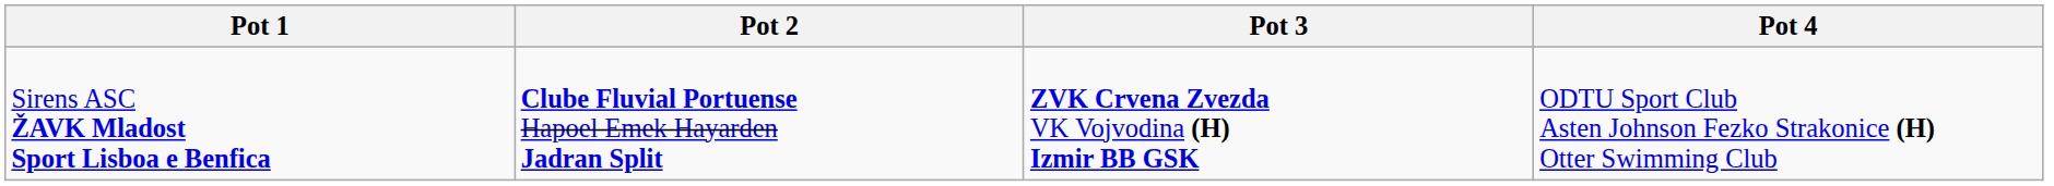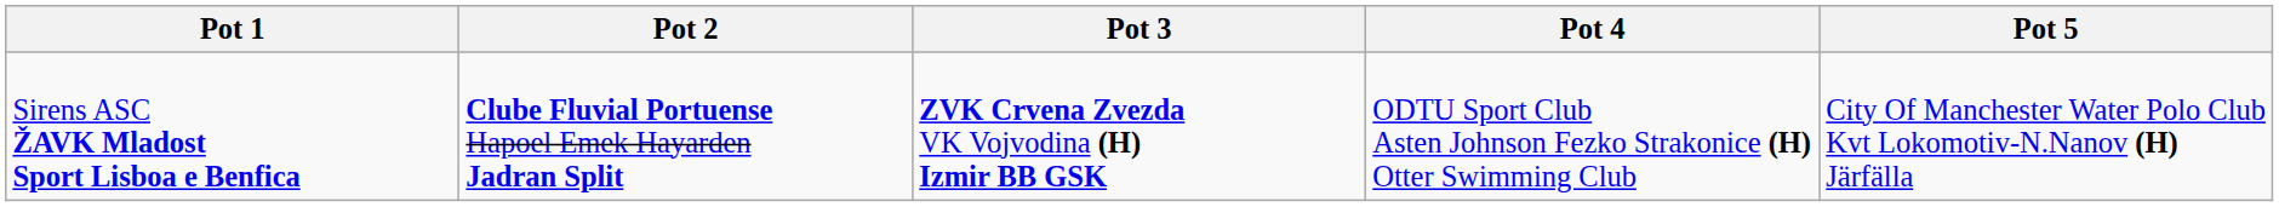 <table class="wikitable collapsible">
 <tr>
 <th width=20%>Pot 1</th>
 <th width=20%>Pot 2</th>
 <th width=20%>Pot 3</th>
 <th width=20%>Pot 4</th>
+<th width=20%>Pot 5</th>
 </tr>
 <tr>
 <td><br> <a href='#'>Sirens ASC</a><br> <strong> <a href='#'>ŽAVK Mladost</a></strong><br> <strong> <a href='#'>Sport Lisboa e Benfica</a></strong></td>
 <td><br><strong> <a href='#'>Clube Fluvial Portuense</a></strong><br>  <s><a href='#'>Hapoel Emek Hayarden</a></s> <br> <strong> <a href='#'>Jadran Split</a></strong></td>
 <td><br><strong> <a href='#'>ZVK Crvena Zvezda</a></strong><br>  <a href='#'>VK Vojvodina</a> <strong>(H)</strong> <br> <strong> <a href='#'>Izmir BB GSK</a></strong></td>
 <td><br> <a href='#'>ODTU Sport Club</a><br>  <a href='#'>Asten Johnson Fezko Strakonice</a> <strong>(H)</strong><br>  <a href='#'>Otter Swimming Club</a> <br></td>
+<td><br> <a href='#'>City Of Manchester Water Polo Club</a><br>  <a href='#'>Kvt Lokomotiv-N.Nanov</a> <strong>(H)</strong><br>  <a href='#'>Järfälla</a></td>
 </tr>
 </table>
